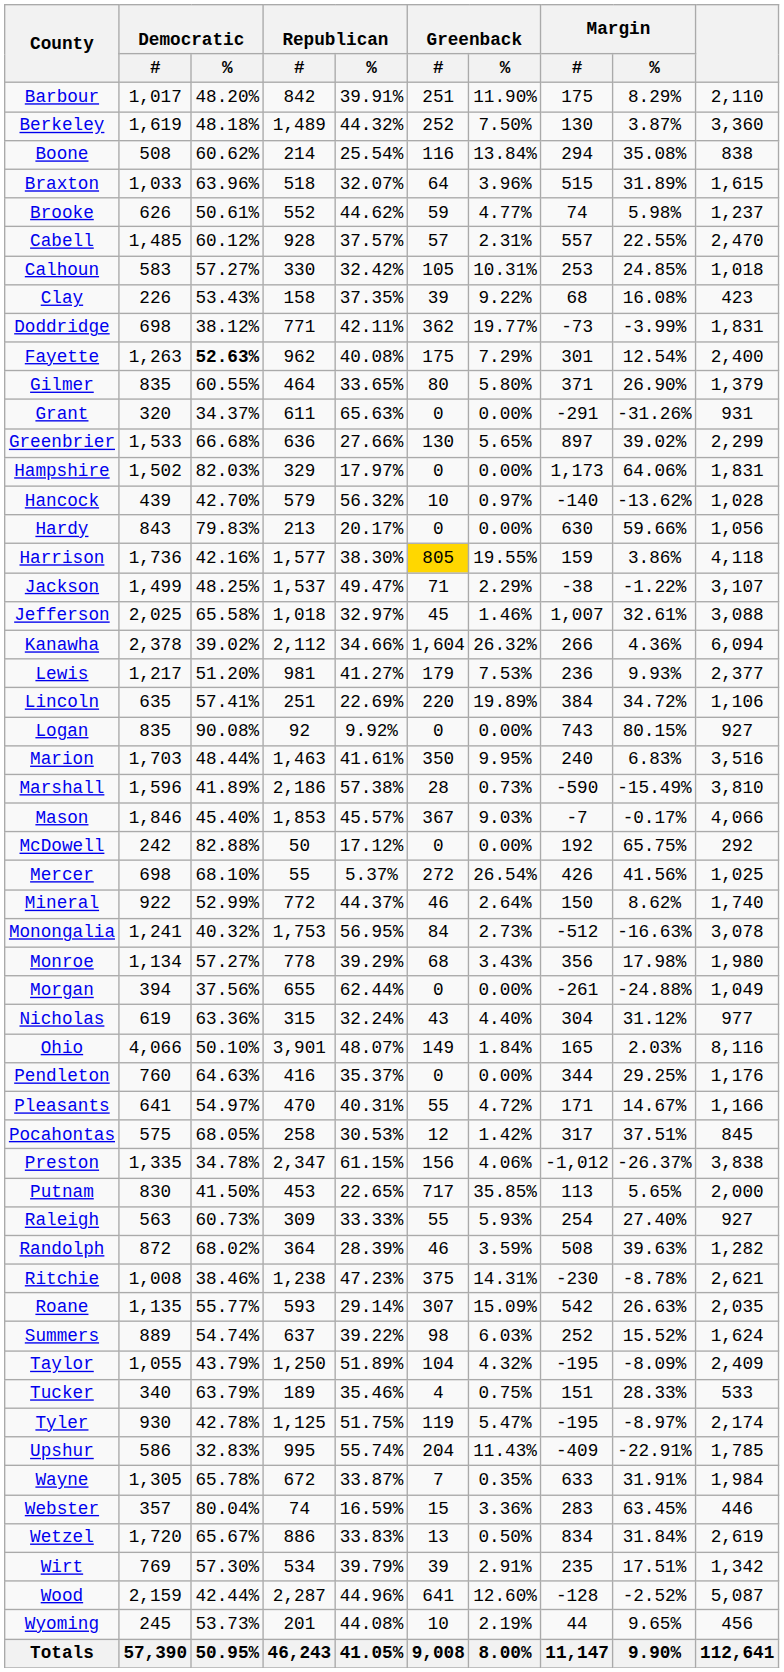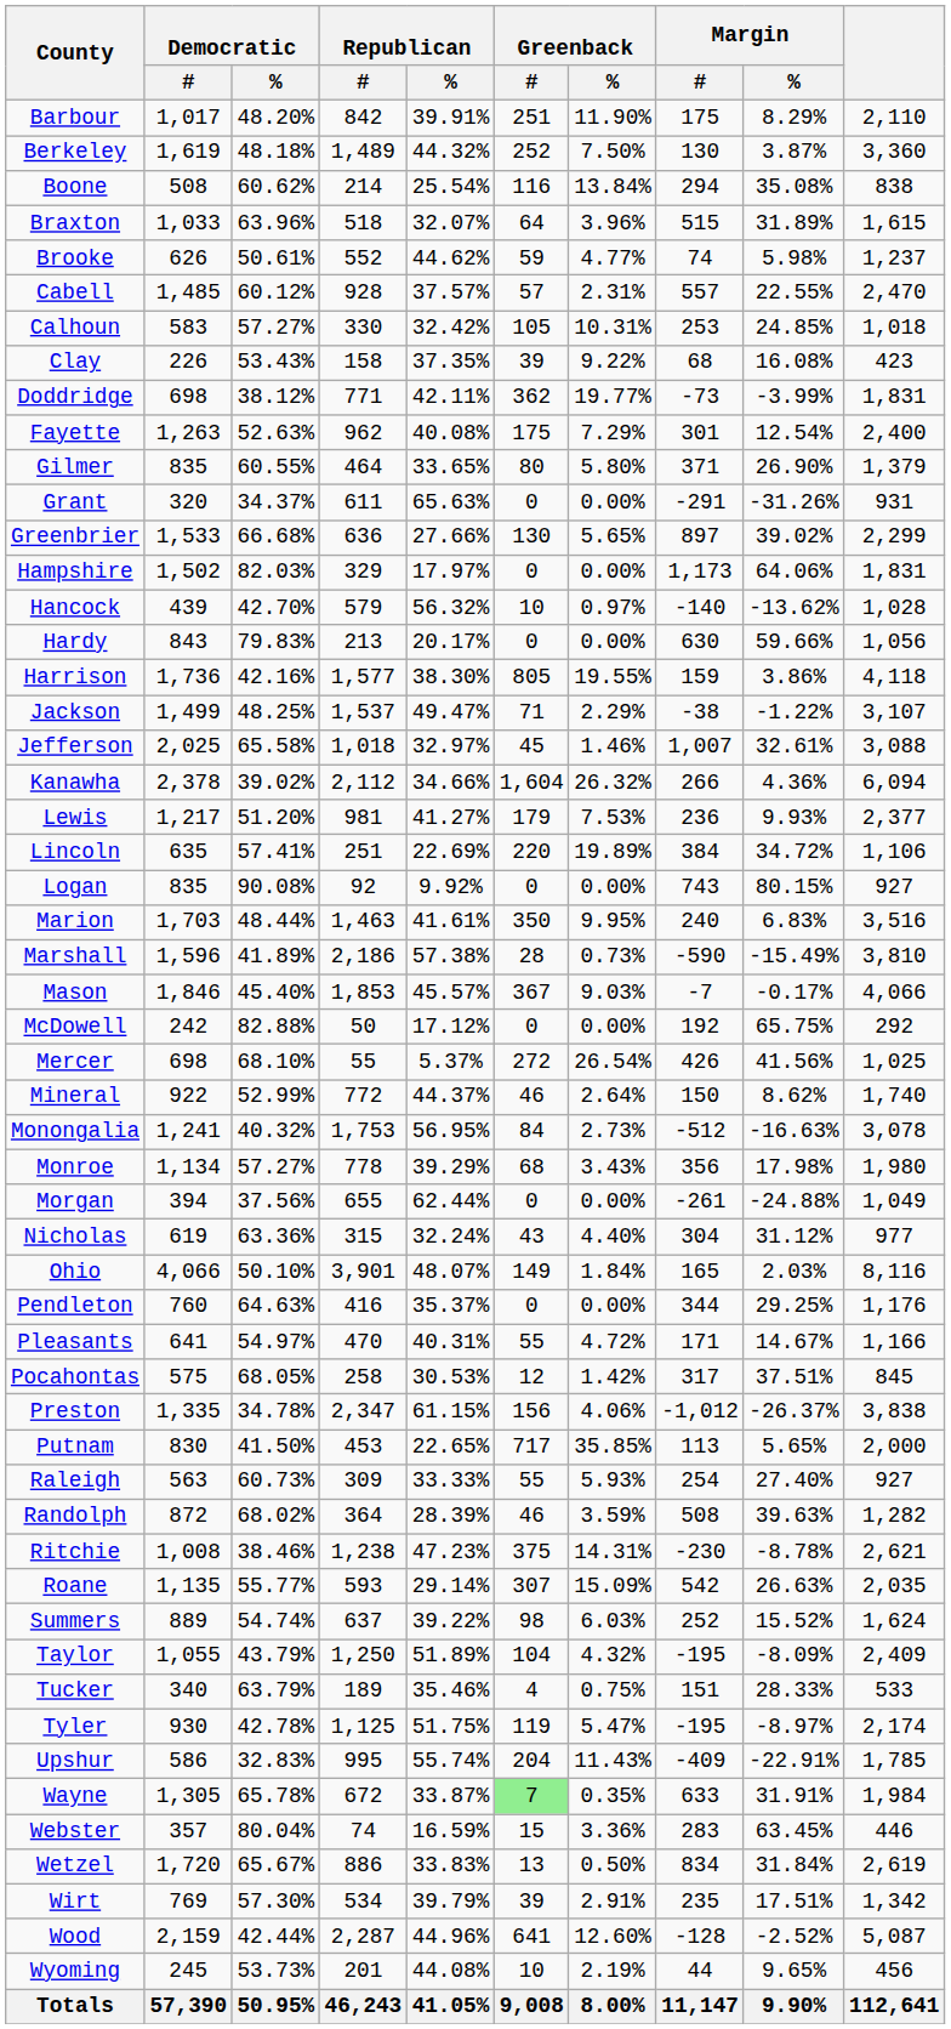 <table class="wikitable sortable mw-collapsible mw-collapsed">
 <tr>
 <th rowspan="2">County</th>
 <th colspan="2"><br>Democratic</th>
 <th colspan="2"><br>Republican</th>
 <th colspan="2"><br>Greenback</th>
 <th colspan="2">Margin</th>
 <th rowspan="2"></th>
 </tr>
 <tr style="text-align:center">
 <th data-sort-type="number">#</th>
 <th data-sort-type="number">%</th>
 <th data-sort-type="number">#</th>
 <th data-sort-type="number">%</th>
 <th data-sort-type="number">#</th>
 <th data-sort-type="number">%</th>
 <th data-sort-type="number">#</th>
 <th data-sort-type="number">%</th>
 </tr>
 <tr style="text-align:center;">
 <td><a href='#'>Barbour</a></td>
 <td>1,017</td>
 <td>48.20%</td>
 <td>842</td>
 <td>39.91%</td>
 <td>251</td>
 <td>11.90%</td>
 <td>175</td>
 <td>8.29%</td>
 <td>2,110</td>
 </tr>
 <tr style="text-align:center;">
 <td><a href='#'>Berkeley</a></td>
 <td>1,619</td>
 <td>48.18%</td>
 <td>1,489</td>
 <td>44.32%</td>
 <td>252</td>
 <td>7.50%</td>
 <td>130</td>
 <td>3.87%</td>
 <td>3,360</td>
 </tr>
 <tr style="text-align:center;">
 <td><a href='#'>Boone</a></td>
 <td>508</td>
 <td>60.62%</td>
 <td>214</td>
 <td>25.54%</td>
 <td>116</td>
 <td>13.84%</td>
 <td>294</td>
 <td>35.08%</td>
 <td>838</td>
 </tr>
 <tr style="text-align:center;">
 <td><a href='#'>Braxton</a></td>
 <td>1,033</td>
 <td>63.96%</td>
 <td>518</td>
 <td>32.07%</td>
 <td>64</td>
 <td>3.96%</td>
 <td>515</td>
 <td>31.89%</td>
 <td>1,615</td>
 </tr>
 <tr style="text-align:center;">
 <td><a href='#'>Brooke</a></td>
 <td>626</td>
 <td>50.61%</td>
 <td>552</td>
 <td>44.62%</td>
 <td>59</td>
 <td>4.77%</td>
 <td>74</td>
 <td>5.98%</td>
 <td>1,237</td>
 </tr>
 <tr style="text-align:center;">
 <td><a href='#'>Cabell</a></td>
 <td>1,485</td>
 <td>60.12%</td>
 <td>928</td>
 <td>37.57%</td>
 <td>57</td>
 <td>2.31%</td>
 <td>557</td>
 <td>22.55%</td>
 <td>2,470</td>
 </tr>
 <tr style="text-align:center;">
 <td><a href='#'>Calhoun</a></td>
 <td>583</td>
 <td>57.27%</td>
 <td>330</td>
 <td>32.42%</td>
 <td>105</td>
 <td>10.31%</td>
 <td>253</td>
 <td>24.85%</td>
 <td>1,018</td>
 </tr>
 <tr style="text-align:center;">
 <td><a href='#'>Clay</a></td>
 <td>226</td>
 <td>53.43%</td>
 <td>158</td>
 <td>37.35%</td>
 <td>39</td>
 <td>9.22%</td>
 <td>68</td>
 <td>16.08%</td>
 <td>423</td>
 </tr>
 <tr style="text-align:center;">
 <td><a href='#'>Doddridge</a></td>
 <td>698</td>
 <td>38.12%</td>
 <td>771</td>
 <td>42.11%</td>
 <td>362</td>
 <td>19.77%</td>
 <td>-73</td>
 <td>-3.99%</td>
 <td>1,831</td>
 </tr>
 <tr style="text-align:center;">
 <td><a href='#'>Fayette</a></td>
 <td>1,263</td>
-<td><strong>52.63%</strong></td>
+<td>52.63%</td>
 <td>962</td>
 <td>40.08%</td>
 <td>175</td>
 <td>7.29%</td>
 <td>301</td>
 <td>12.54%</td>
 <td>2,400</td>
 </tr>
 <tr style="text-align:center;">
 <td><a href='#'>Gilmer</a></td>
 <td>835</td>
 <td>60.55%</td>
 <td>464</td>
 <td>33.65%</td>
 <td>80</td>
 <td>5.80%</td>
 <td>371</td>
 <td>26.90%</td>
 <td>1,379</td>
 </tr>
 <tr style="text-align:center;">
 <td><a href='#'>Grant</a></td>
 <td>320</td>
 <td>34.37%</td>
 <td>611</td>
 <td>65.63%</td>
 <td>0</td>
 <td>0.00%</td>
 <td>-291</td>
 <td>-31.26%</td>
 <td>931</td>
 </tr>
 <tr style="text-align:center;">
 <td><a href='#'>Greenbrier</a></td>
 <td>1,533</td>
 <td>66.68%</td>
 <td>636</td>
 <td>27.66%</td>
 <td>130</td>
 <td>5.65%</td>
 <td>897</td>
 <td>39.02%</td>
 <td>2,299</td>
 </tr>
 <tr style="text-align:center;">
 <td><a href='#'>Hampshire</a></td>
 <td>1,502</td>
 <td>82.03%</td>
 <td>329</td>
 <td>17.97%</td>
 <td>0</td>
 <td>0.00%</td>
 <td>1,173</td>
 <td>64.06%</td>
 <td>1,831</td>
 </tr>
 <tr style="text-align:center;">
 <td><a href='#'>Hancock</a></td>
 <td>439</td>
 <td>42.70%</td>
 <td>579</td>
 <td>56.32%</td>
 <td>10</td>
 <td>0.97%</td>
 <td>-140</td>
 <td>-13.62%</td>
 <td>1,028</td>
 </tr>
 <tr style="text-align:center;">
 <td><a href='#'>Hardy</a></td>
 <td>843</td>
 <td>79.83%</td>
 <td>213</td>
 <td>20.17%</td>
 <td>0</td>
 <td>0.00%</td>
 <td>630</td>
 <td>59.66%</td>
 <td>1,056</td>
 </tr>
 <tr style="text-align:center;">
 <td><a href='#'>Harrison</a></td>
 <td>1,736</td>
 <td>42.16%</td>
 <td>1,577</td>
 <td>38.30%</td>
-<td style="background: gold;">805</td>
+<td>805</td>
 <td>19.55%</td>
 <td>159</td>
 <td>3.86%</td>
 <td>4,118</td>
 </tr>
 <tr style="text-align:center;">
 <td><a href='#'>Jackson</a></td>
 <td>1,499</td>
 <td>48.25%</td>
 <td>1,537</td>
 <td>49.47%</td>
 <td>71</td>
 <td>2.29%</td>
 <td>-38</td>
 <td>-1.22%</td>
 <td>3,107</td>
 </tr>
 <tr style="text-align:center;">
 <td><a href='#'>Jefferson</a></td>
 <td>2,025</td>
 <td>65.58%</td>
 <td>1,018</td>
 <td>32.97%</td>
 <td>45</td>
 <td>1.46%</td>
 <td>1,007</td>
 <td>32.61%</td>
 <td>3,088</td>
 </tr>
 <tr style="text-align:center;">
 <td><a href='#'>Kanawha</a></td>
 <td>2,378</td>
 <td>39.02%</td>
 <td>2,112</td>
 <td>34.66%</td>
 <td>1,604</td>
 <td>26.32%</td>
 <td>266</td>
 <td>4.36%</td>
 <td>6,094</td>
 </tr>
 <tr style="text-align:center;">
 <td><a href='#'>Lewis</a></td>
 <td>1,217</td>
 <td>51.20%</td>
 <td>981</td>
 <td>41.27%</td>
 <td>179</td>
 <td>7.53%</td>
 <td>236</td>
 <td>9.93%</td>
 <td>2,377</td>
 </tr>
 <tr style="text-align:center;">
 <td><a href='#'>Lincoln</a></td>
 <td>635</td>
 <td>57.41%</td>
 <td>251</td>
 <td>22.69%</td>
 <td>220</td>
 <td>19.89%</td>
 <td>384</td>
 <td>34.72%</td>
 <td>1,106</td>
 </tr>
 <tr style="text-align:center;">
 <td><a href='#'>Logan</a></td>
 <td>835</td>
 <td>90.08%</td>
 <td>92</td>
 <td>9.92%</td>
 <td>0</td>
 <td>0.00%</td>
 <td>743</td>
 <td>80.15%</td>
 <td>927</td>
 </tr>
 <tr style="text-align:center;">
 <td><a href='#'>Marion</a></td>
 <td>1,703</td>
 <td>48.44%</td>
 <td>1,463</td>
 <td>41.61%</td>
 <td>350</td>
 <td>9.95%</td>
 <td>240</td>
 <td>6.83%</td>
 <td>3,516</td>
 </tr>
 <tr style="text-align:center;">
 <td><a href='#'>Marshall</a></td>
 <td>1,596</td>
 <td>41.89%</td>
 <td>2,186</td>
 <td>57.38%</td>
 <td>28</td>
 <td>0.73%</td>
 <td>-590</td>
 <td>-15.49%</td>
 <td>3,810</td>
 </tr>
 <tr style="text-align:center;">
 <td><a href='#'>Mason</a></td>
 <td>1,846</td>
 <td>45.40%</td>
 <td>1,853</td>
 <td>45.57%</td>
 <td>367</td>
 <td>9.03%</td>
 <td>-7</td>
 <td>-0.17%</td>
 <td>4,066</td>
 </tr>
 <tr style="text-align:center;">
 <td><a href='#'>McDowell</a></td>
 <td>242</td>
 <td>82.88%</td>
 <td>50</td>
 <td>17.12%</td>
 <td>0</td>
 <td>0.00%</td>
 <td>192</td>
 <td>65.75%</td>
 <td>292</td>
 </tr>
 <tr style="text-align:center;">
 <td><a href='#'>Mercer</a></td>
 <td>698</td>
 <td>68.10%</td>
 <td>55</td>
 <td>5.37%</td>
 <td>272</td>
 <td>26.54%</td>
 <td>426</td>
 <td>41.56%</td>
 <td>1,025</td>
 </tr>
 <tr style="text-align:center;">
 <td><a href='#'>Mineral</a></td>
 <td>922</td>
 <td>52.99%</td>
 <td>772</td>
 <td>44.37%</td>
 <td>46</td>
 <td>2.64%</td>
 <td>150</td>
 <td>8.62%</td>
 <td>1,740</td>
 </tr>
 <tr style="text-align:center;">
 <td><a href='#'>Monongalia</a></td>
 <td>1,241</td>
 <td>40.32%</td>
 <td>1,753</td>
 <td>56.95%</td>
 <td>84</td>
 <td>2.73%</td>
 <td>-512</td>
 <td>-16.63%</td>
 <td>3,078</td>
 </tr>
 <tr style="text-align:center;">
 <td><a href='#'>Monroe</a></td>
 <td>1,134</td>
 <td>57.27%</td>
 <td>778</td>
 <td>39.29%</td>
 <td>68</td>
 <td>3.43%</td>
 <td>356</td>
 <td>17.98%</td>
 <td>1,980</td>
 </tr>
 <tr style="text-align:center;">
 <td><a href='#'>Morgan</a></td>
 <td>394</td>
 <td>37.56%</td>
 <td>655</td>
 <td>62.44%</td>
 <td>0</td>
 <td>0.00%</td>
 <td>-261</td>
 <td>-24.88%</td>
 <td>1,049</td>
 </tr>
 <tr style="text-align:center;">
 <td><a href='#'>Nicholas</a></td>
 <td>619</td>
 <td>63.36%</td>
 <td>315</td>
 <td>32.24%</td>
 <td>43</td>
 <td>4.40%</td>
 <td>304</td>
 <td>31.12%</td>
 <td>977</td>
 </tr>
 <tr style="text-align:center;">
 <td><a href='#'>Ohio</a></td>
 <td>4,066</td>
 <td>50.10%</td>
 <td>3,901</td>
 <td>48.07%</td>
 <td>149</td>
 <td>1.84%</td>
 <td>165</td>
 <td>2.03%</td>
 <td>8,116</td>
 </tr>
 <tr style="text-align:center;">
 <td><a href='#'>Pendleton</a></td>
 <td>760</td>
 <td>64.63%</td>
 <td>416</td>
 <td>35.37%</td>
 <td>0</td>
 <td>0.00%</td>
 <td>344</td>
 <td>29.25%</td>
 <td>1,176</td>
 </tr>
 <tr style="text-align:center;">
 <td><a href='#'>Pleasants</a></td>
 <td>641</td>
 <td>54.97%</td>
 <td>470</td>
 <td>40.31%</td>
 <td>55</td>
 <td>4.72%</td>
 <td>171</td>
 <td>14.67%</td>
 <td>1,166</td>
 </tr>
 <tr style="text-align:center;">
 <td><a href='#'>Pocahontas</a></td>
 <td>575</td>
 <td>68.05%</td>
 <td>258</td>
 <td>30.53%</td>
 <td>12</td>
 <td>1.42%</td>
 <td>317</td>
 <td>37.51%</td>
 <td>845</td>
 </tr>
 <tr style="text-align:center;">
 <td><a href='#'>Preston</a></td>
 <td>1,335</td>
 <td>34.78%</td>
 <td>2,347</td>
 <td>61.15%</td>
 <td>156</td>
 <td>4.06%</td>
 <td>-1,012</td>
 <td>-26.37%</td>
 <td>3,838</td>
 </tr>
 <tr style="text-align:center;">
 <td><a href='#'>Putnam</a></td>
 <td>830</td>
 <td>41.50%</td>
 <td>453</td>
 <td>22.65%</td>
 <td>717</td>
 <td>35.85%</td>
 <td>113</td>
 <td>5.65%</td>
 <td>2,000</td>
 </tr>
 <tr style="text-align:center;">
 <td><a href='#'>Raleigh</a></td>
 <td>563</td>
 <td>60.73%</td>
 <td>309</td>
 <td>33.33%</td>
 <td>55</td>
 <td>5.93%</td>
 <td>254</td>
 <td>27.40%</td>
 <td>927</td>
 </tr>
 <tr style="text-align:center;">
 <td><a href='#'>Randolph</a></td>
 <td>872</td>
 <td>68.02%</td>
 <td>364</td>
 <td>28.39%</td>
 <td>46</td>
 <td>3.59%</td>
 <td>508</td>
 <td>39.63%</td>
 <td>1,282</td>
 </tr>
 <tr style="text-align:center;">
 <td><a href='#'>Ritchie</a></td>
 <td>1,008</td>
 <td>38.46%</td>
 <td>1,238</td>
 <td>47.23%</td>
 <td>375</td>
 <td>14.31%</td>
 <td>-230</td>
 <td>-8.78%</td>
 <td>2,621</td>
 </tr>
 <tr style="text-align:center;">
 <td><a href='#'>Roane</a></td>
 <td>1,135</td>
 <td>55.77%</td>
 <td>593</td>
 <td>29.14%</td>
 <td>307</td>
 <td>15.09%</td>
 <td>542</td>
 <td>26.63%</td>
 <td>2,035</td>
 </tr>
 <tr style="text-align:center;">
 <td><a href='#'>Summers</a></td>
 <td>889</td>
 <td>54.74%</td>
 <td>637</td>
 <td>39.22%</td>
 <td>98</td>
 <td>6.03%</td>
 <td>252</td>
 <td>15.52%</td>
 <td>1,624</td>
 </tr>
 <tr style="text-align:center;">
 <td><a href='#'>Taylor</a></td>
 <td>1,055</td>
 <td>43.79%</td>
 <td>1,250</td>
 <td>51.89%</td>
 <td>104</td>
 <td>4.32%</td>
 <td>-195</td>
 <td>-8.09%</td>
 <td>2,409</td>
 </tr>
 <tr style="text-align:center;">
 <td><a href='#'>Tucker</a></td>
 <td>340</td>
 <td>63.79%</td>
 <td>189</td>
 <td>35.46%</td>
 <td>4</td>
 <td>0.75%</td>
 <td>151</td>
 <td>28.33%</td>
 <td>533</td>
 </tr>
 <tr style="text-align:center;">
 <td><a href='#'>Tyler</a></td>
 <td>930</td>
 <td>42.78%</td>
 <td>1,125</td>
 <td>51.75%</td>
 <td>119</td>
 <td>5.47%</td>
 <td>-195</td>
 <td>-8.97%</td>
 <td>2,174</td>
 </tr>
 <tr style="text-align:center;">
 <td><a href='#'>Upshur</a></td>
 <td>586</td>
 <td>32.83%</td>
 <td>995</td>
 <td>55.74%</td>
 <td>204</td>
 <td>11.43%</td>
 <td>-409</td>
 <td>-22.91%</td>
 <td>1,785</td>
 </tr>
 <tr style="text-align:center;">
 <td><a href='#'>Wayne</a></td>
 <td>1,305</td>
 <td>65.78%</td>
 <td>672</td>
 <td>33.87%</td>
-<td>7</td>
+<td style="background: lightgreen;">7</td>
 <td>0.35%</td>
 <td>633</td>
 <td>31.91%</td>
 <td>1,984</td>
 </tr>
 <tr style="text-align:center;">
 <td><a href='#'>Webster</a></td>
 <td>357</td>
 <td>80.04%</td>
 <td>74</td>
 <td>16.59%</td>
 <td>15</td>
 <td>3.36%</td>
 <td>283</td>
 <td>63.45%</td>
 <td>446</td>
 </tr>
 <tr style="text-align:center;">
 <td><a href='#'>Wetzel</a></td>
 <td>1,720</td>
 <td>65.67%</td>
 <td>886</td>
 <td>33.83%</td>
 <td>13</td>
 <td>0.50%</td>
 <td>834</td>
 <td>31.84%</td>
 <td>2,619</td>
 </tr>
 <tr style="text-align:center;">
 <td><a href='#'>Wirt</a></td>
 <td>769</td>
 <td>57.30%</td>
 <td>534</td>
 <td>39.79%</td>
 <td>39</td>
 <td>2.91%</td>
 <td>235</td>
 <td>17.51%</td>
 <td>1,342</td>
 </tr>
 <tr style="text-align:center;">
 <td><a href='#'>Wood</a></td>
 <td>2,159</td>
 <td>42.44%</td>
 <td>2,287</td>
 <td>44.96%</td>
 <td>641</td>
 <td>12.60%</td>
 <td>-128</td>
 <td>-2.52%</td>
 <td>5,087</td>
 </tr>
 <tr style="text-align:center;">
 <td><a href='#'>Wyoming</a></td>
 <td>245</td>
 <td>53.73%</td>
 <td>201</td>
 <td>44.08%</td>
 <td>10</td>
 <td>2.19%</td>
 <td>44</td>
 <td>9.65%</td>
 <td>456</td>
 </tr>
 <tr>
 <th>Totals</th>
 <th>57,390</th>
 <th>50.95%</th>
 <th>46,243</th>
 <th>41.05%</th>
 <th>9,008</th>
 <th>8.00%</th>
 <th>11,147</th>
 <th>9.90%</th>
 <th>112,641</th>
 </tr>
 </table>
